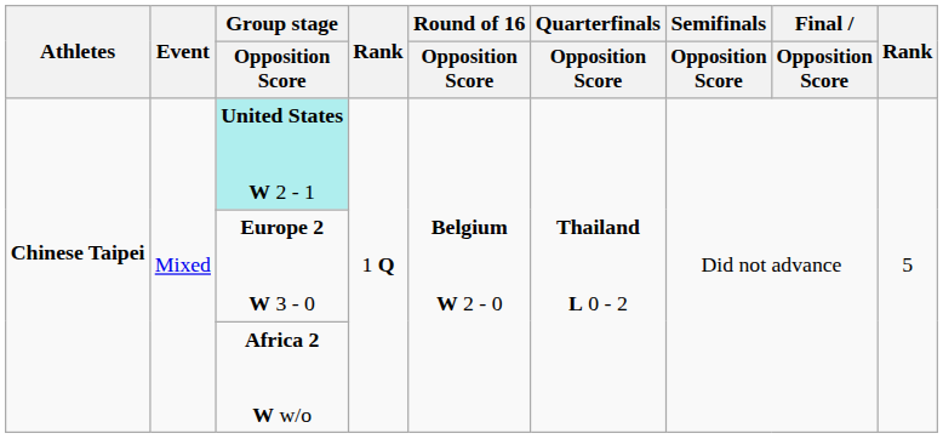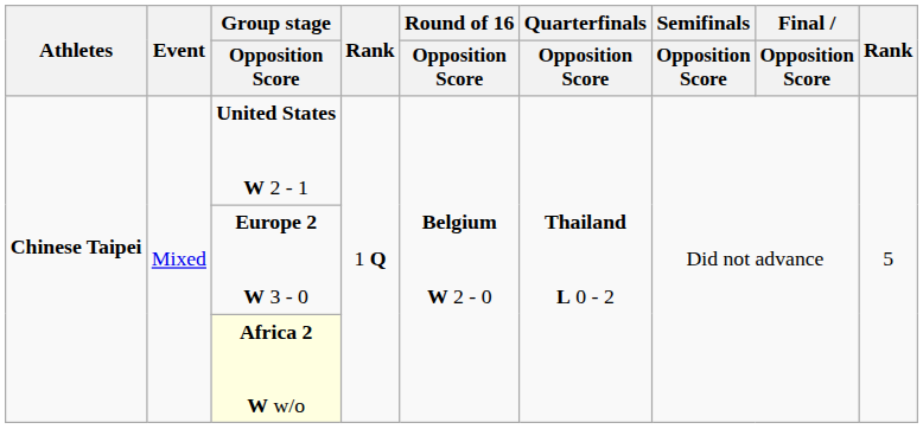 <table class=wikitable style="font-size:90%">
 <tr>
 <th rowspan="2">Athletes</th>
 <th rowspan="2">Event</th>
 <th>Group stage</th>
 <th rowspan="2">Rank</th>
 <th>Round of 16</th>
 <th>Quarterfinals</th>
 <th>Semifinals</th>
 <th>Final / </th>
 <th rowspan=2>Rank</th>
 </tr>
 <tr style="font-size:95%">
 <th>Opposition<br>Score</th>
 <th>Opposition<br>Score</th>
 <th>Opposition<br>Score</th>
 <th>Opposition<br>Score</th>
 <th>Opposition<br>Score</th>
 </tr>
 <tr align=center>
 <td align=left rowspan=3><strong>Chinese Taipei</strong><br><br></td>
 <td align=left rowspan=3><a href='#'>Mixed</a></td>
-<td style="background: paleturquoise;"><strong>United States</strong><br><br><br><strong>W</strong> 2 - 1</td>
+<td><strong>United States</strong><br><br><br><strong>W</strong> 2 - 1</td>
 <td rowspan=3>1 <strong>Q</strong></td>
 <td rowspan=3><strong>Belgium</strong><br><br><br><strong>W</strong> 2 - 0</td>
 <td rowspan=3><strong>Thailand</strong><br><br><br><strong>L</strong> 0 - 2</td>
 <td rowspan=3 colspan=2>Did not advance</td>
 <td rowspan=3>5</td>
 </tr>
 <tr align=center>
 <td><strong>Europe 2</strong><br><br><br><strong>W</strong> 3 - 0</td>
 </tr>
 <tr align=center>
-<td><strong>Africa 2</strong><br><br><br><strong>W</strong> w/o</td>
+<td style="background: lightyellow;"><strong>Africa 2</strong><br><br><br><strong>W</strong> w/o</td>
 </tr>
 </table>
